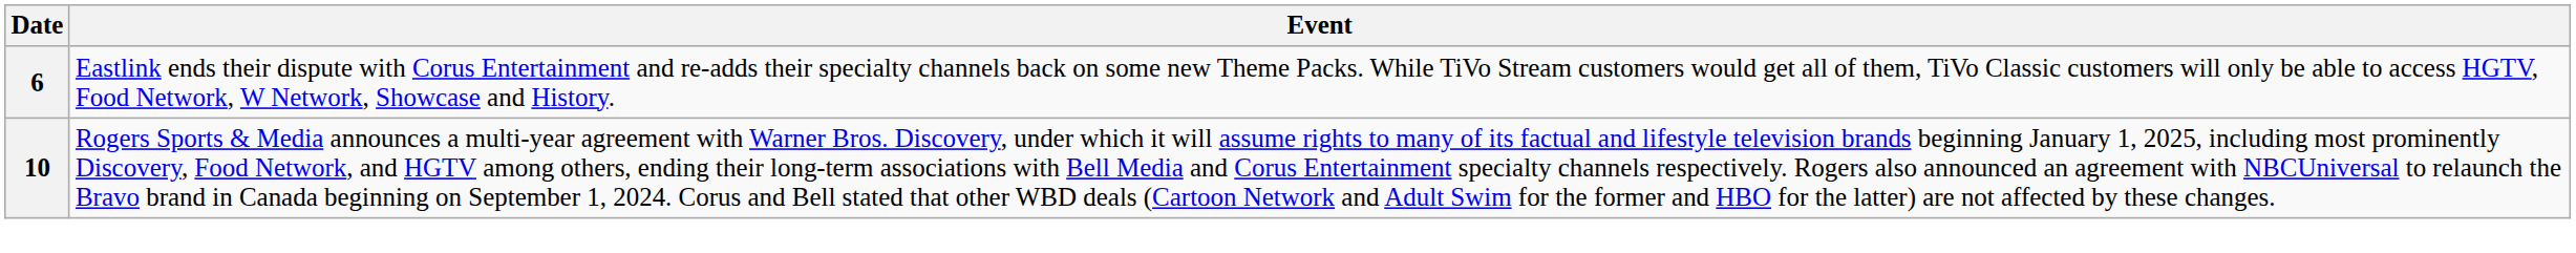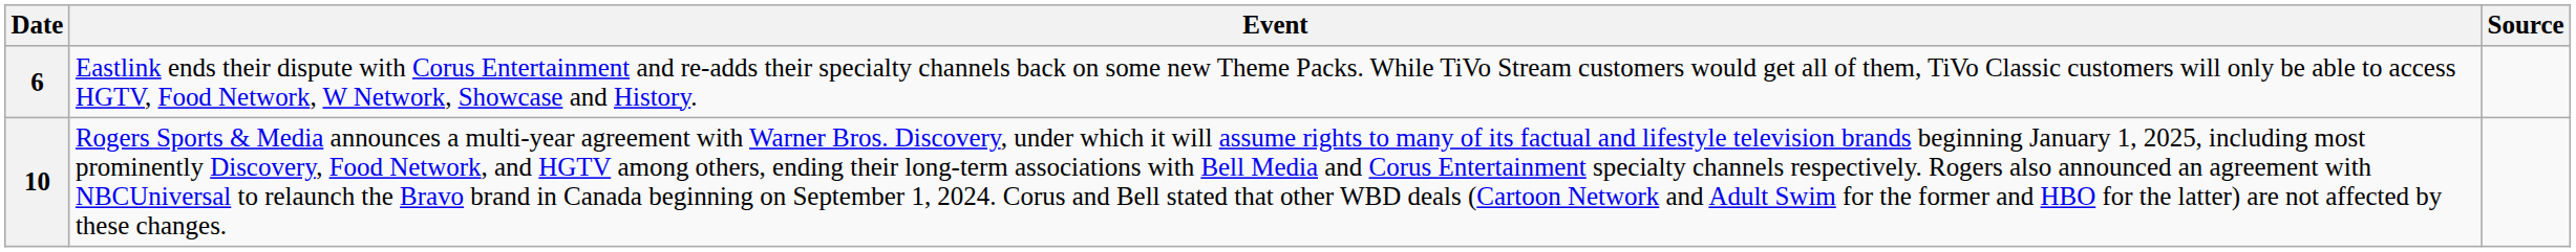 <table class="wikitable">
 <tr>
 <th>Date</th>
 <th>Event</th>
+<th>Source</th>
 </tr>
 <tr>
 <th>6</th>
 <td><a href='#'>Eastlink</a> ends their dispute with <a href='#'>Corus Entertainment</a> and re-adds their specialty channels back on some new Theme Packs. While TiVo Stream customers would get all of them, TiVo Classic customers will only be able to access <a href='#'>HGTV</a>, <a href='#'>Food Network</a>, <a href='#'>W Network</a>, <a href='#'>Showcase</a> and <a href='#'>History</a>.</td>
+<td></td>
 </tr>
 <tr>
 <th>10</th>
 <td><a href='#'>Rogers Sports & Media</a> announces a multi-year agreement with <a href='#'>Warner Bros. Discovery</a>, under which it will <a href='#'>assume rights to many of its factual and lifestyle television brands</a> beginning January 1, 2025, including most prominently <a href='#'>Discovery</a>, <a href='#'>Food Network</a>, and <a href='#'>HGTV</a> among others, ending their long-term associations with <a href='#'>Bell Media</a> and <a href='#'>Corus Entertainment</a> specialty channels respectively. Rogers also announced an agreement with <a href='#'>NBCUniversal</a> to relaunch the <a href='#'>Bravo</a> brand in Canada beginning on September 1, 2024. Corus and Bell stated that other WBD deals (<a href='#'>Cartoon Network</a> and <a href='#'>Adult Swim</a> for the former and <a href='#'>HBO</a> for the latter) are not affected by these changes.</td>
+<td></td>
 </tr>
 </table>
